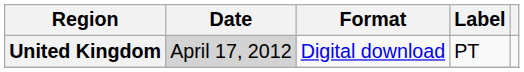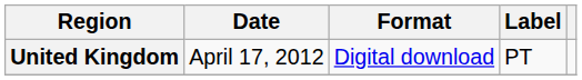 <table class="wikitable plainrowheaders">
 <tr>
 <th scope="col">Region</th>
 <th scope="col">Date</th>
 <th scope="col">Format</th>
 <th scope="col">Label</th>
 <th scope="col"></th>
 </tr>
 <tr>
 <th scope="row">United Kingdom</th>
-<td style="background: lightgrey;">April 17, 2012</td>
+<td>April 17, 2012</td>
 <td><a href='#'>Digital download</a></td>
 <td>PT</td>
 <td></td>
 </tr>
 <tr>
 </tr>
 </table>
